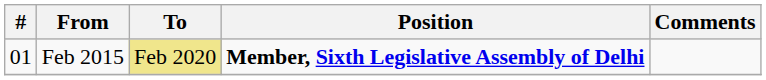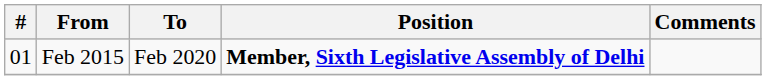 <table class="wikitable  sortable">
 <tr>
 <th>#</th>
 <th>From</th>
 <th>To</th>
 <th>Position</th>
 <th>Comments</th>
 </tr>
 <tr>
 <td>01</td>
 <td>Feb 2015</td>
-<td style="background: khaki;">Feb 2020</td>
+<td>Feb 2020</td>
 <td><strong>Member, <a href='#'>Sixth Legislative Assembly of Delhi</a></strong></td>
 <td></td>
 </tr>
 <tr>
 </tr>
 </table>
